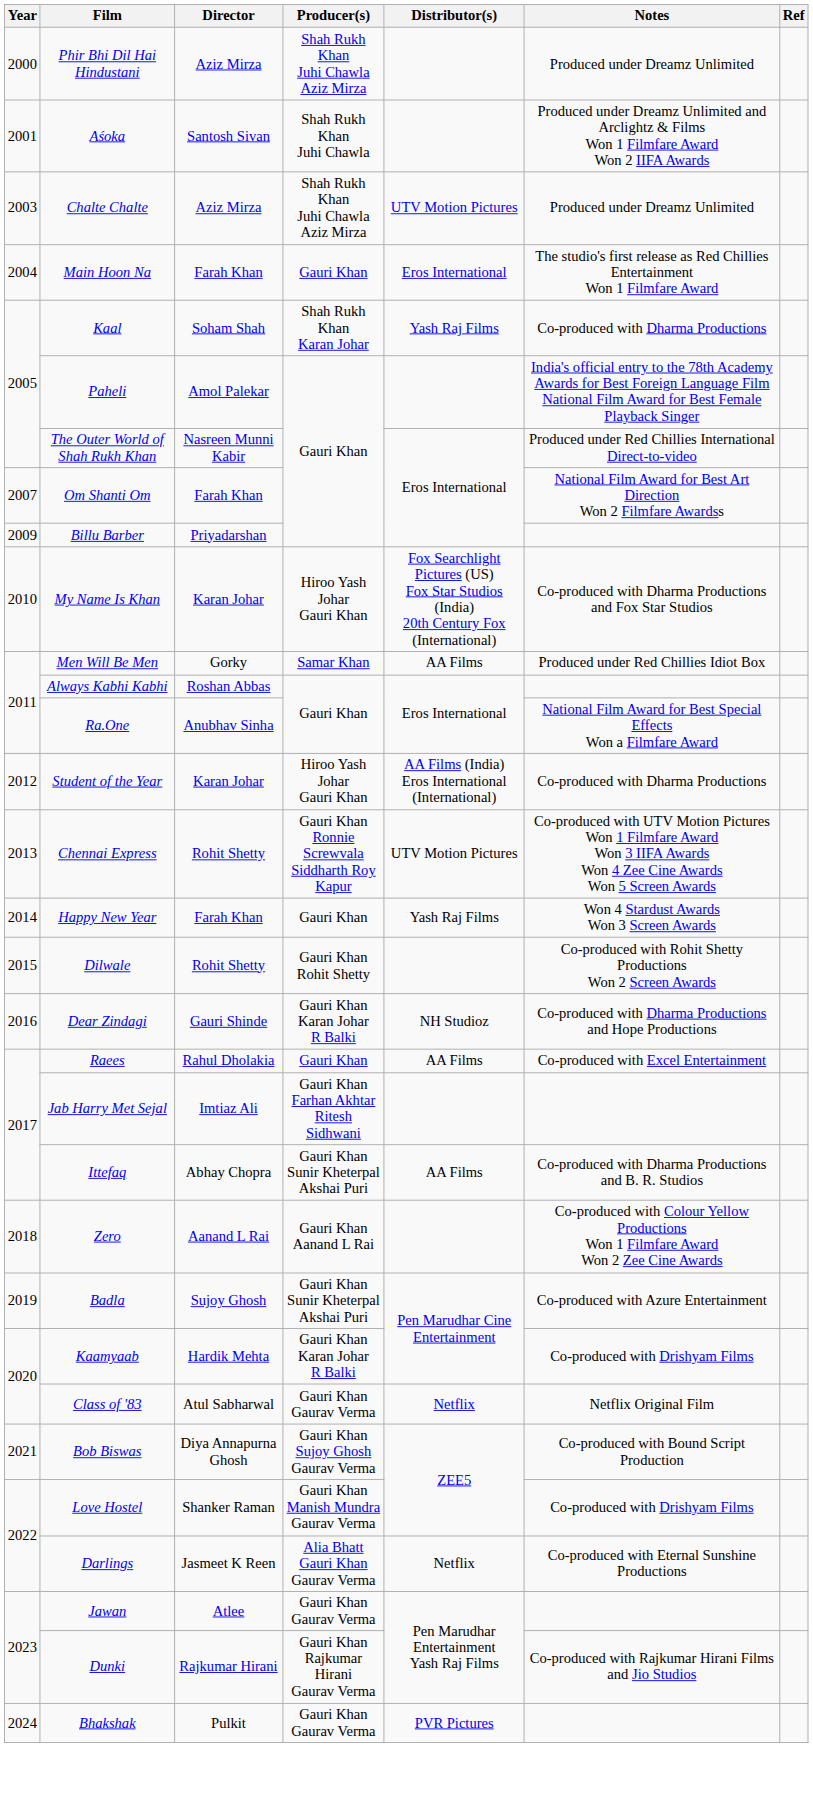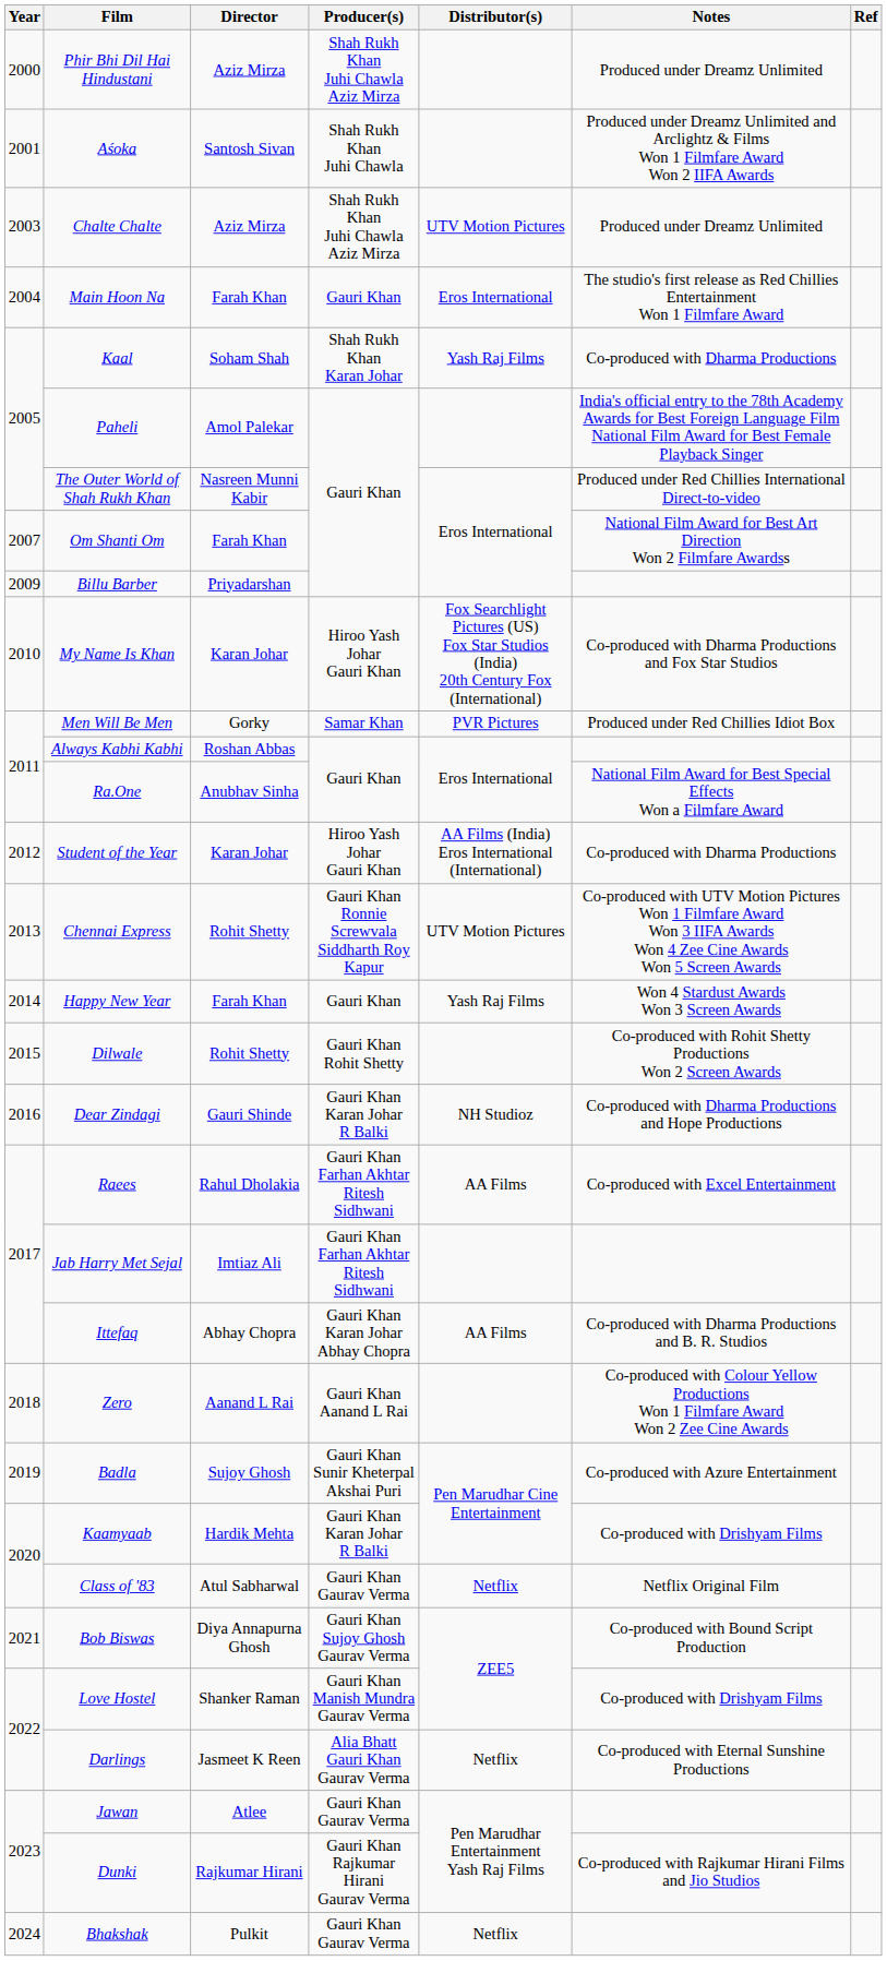 <table class="wikitable sortable" style="width: 100%; text-align: center;">
 <tr style="text-align:center;">
 <th>Year</th>
 <th>Film</th>
 <th>Director</th>
 <th>Producer(s)</th>
 <th>Distributor(s)</th>
 <th>Notes</th>
 <th>Ref</th>
 </tr>
 <tr>
 <td>2000</td>
 <td><em><a href='#'>Phir Bhi Dil Hai Hindustani</a></em></td>
 <td><a href='#'>Aziz Mirza</a></td>
 <td><a href='#'>Shah Rukh Khan</a><br><a href='#'>Juhi Chawla</a> <br> <a href='#'>Aziz Mirza</a></td>
 <td></td>
 <td>Produced under Dreamz Unlimited</td>
 <td></td>
 </tr>
 <tr>
 <td>2001</td>
 <td><em><a href='#'>Aśoka</a></em></td>
 <td><a href='#'>Santosh Sivan</a></td>
 <td>Shah Rukh Khan <br>Juhi Chawla</td>
 <td></td>
 <td>Produced under Dreamz Unlimited and Arclightz & Films<br>Won 1 <a href='#'>Filmfare Award</a><br>Won 2 <a href='#'>IIFA Awards</a></td>
 <td></td>
 </tr>
 <tr>
 <td>2003</td>
 <td><em><a href='#'>Chalte Chalte</a></em></td>
 <td><a href='#'>Aziz Mirza</a></td>
 <td>Shah Rukh Khan <br> Juhi Chawla <br> Aziz Mirza</td>
 <td><a href='#'>UTV Motion Pictures</a></td>
 <td>Produced under Dreamz Unlimited</td>
 <td></td>
 </tr>
 <tr>
 <td>2004</td>
 <td><em><a href='#'>Main Hoon Na</a></em></td>
 <td><a href='#'>Farah Khan</a></td>
 <td><a href='#'>Gauri Khan</a></td>
 <td><a href='#'>Eros International</a></td>
 <td>The studio's first release as Red Chillies Entertainment  <br>Won 1 <a href='#'>Filmfare Award</a></td>
 <td></td>
 </tr>
 <tr>
 <td rowspan="3">2005</td>
 <td><em><a href='#'>Kaal</a></em></td>
 <td><a href='#'>Soham Shah</a></td>
 <td>Shah Rukh Khan <br> <a href='#'>Karan Johar</a></td>
 <td><a href='#'>Yash Raj Films</a></td>
 <td>Co-produced with <a href='#'>Dharma Productions</a></td>
 <td></td>
 </tr>
 <tr>
 <td><em><a href='#'>Paheli</a></em></td>
 <td><a href='#'>Amol Palekar</a></td>
 <td rowspan="4">Gauri Khan</td>
 <td></td>
 <td><a href='#'>India's official entry to the 78th Academy Awards for Best Foreign Language Film</a> <br><a href='#'>National Film Award for Best Female Playback Singer</a></td>
 <td></td>
 </tr>
 <tr>
 <td><em><a href='#'>The Outer World of Shah Rukh Khan</a></em></td>
 <td><a href='#'>Nasreen Munni Kabir</a></td>
 <td rowspan="3">Eros International</td>
 <td>Produced under Red Chillies International <br><a href='#'>Direct-to-video</a></td>
 <td></td>
 </tr>
 <tr>
 <td>2007</td>
 <td><em><a href='#'>Om Shanti Om</a></em></td>
 <td><a href='#'>Farah Khan</a></td>
 <td><a href='#'>National Film Award for Best Art Direction</a> <br>Won 2 <a href='#'>Filmfare Awards</a>s</td>
 <td></td>
 </tr>
 <tr>
 <td>2009</td>
 <td><em><a href='#'>Billu Barber</a></em></td>
 <td><a href='#'>Priyadarshan</a></td>
 <td></td>
 <td></td>
 </tr>
 <tr>
 <td>2010</td>
 <td><em><a href='#'>My Name Is Khan</a></em></td>
 <td><a href='#'>Karan Johar</a></td>
 <td>Hiroo Yash Johar<br>Gauri Khan</td>
 <td><a href='#'>Fox Searchlight Pictures</a> (US)<br><a href='#'>Fox Star Studios</a> (India)<br><a href='#'>20th Century Fox</a> (International)</td>
 <td>Co-produced with Dharma Productions and Fox Star Studios</td>
 <td></td>
 </tr>
 <tr>
 <td rowspan="3">2011</td>
 <td><em><a href='#'>Men Will Be Men</a></em></td>
 <td>Gorky</td>
 <td><a href='#'>Samar Khan</a></td>
-<td>AA Films</td>
+<td><a href='#'>PVR Pictures</a></td>
 <td>Produced under Red Chillies Idiot Box</td>
 <td></td>
 </tr>
 <tr>
 <td><em><a href='#'>Always Kabhi Kabhi</a></em></td>
 <td><a href='#'>Roshan Abbas</a></td>
 <td rowspan="2">Gauri Khan</td>
 <td rowspan="2">Eros International</td>
 <td></td>
 <td></td>
 </tr>
 <tr>
 <td><em><a href='#'>Ra.One</a></em></td>
 <td><a href='#'>Anubhav Sinha</a></td>
 <td><a href='#'>National Film Award for Best Special Effects</a> <br>Won a <a href='#'>Filmfare Award</a></td>
 <td></td>
 </tr>
 <tr>
 <td>2012</td>
 <td><em><a href='#'>Student of the Year</a></em></td>
 <td><a href='#'>Karan Johar</a></td>
 <td>Hiroo Yash Johar <br> Gauri Khan</td>
 <td><a href='#'>AA Films</a> (India)<br>Eros International (International)</td>
 <td>Co-produced with Dharma Productions</td>
 <td></td>
 </tr>
 <tr>
 <td>2013</td>
 <td><em><a href='#'>Chennai Express</a></em></td>
 <td><a href='#'>Rohit Shetty</a></td>
 <td>Gauri Khan <br><a href='#'>Ronnie Screwvala</a> <br> <a href='#'>Siddharth Roy Kapur</a></td>
 <td>UTV Motion Pictures</td>
 <td>Co-produced with UTV Motion Pictures<br>Won <a href='#'>1 Filmfare Award</a><br>Won <a href='#'>3 IIFA Awards</a><br>Won <a href='#'>4 Zee Cine Awards</a><br>Won <a href='#'>5 Screen Awards</a></td>
 <td></td>
 </tr>
 <tr>
 <td>2014</td>
 <td><em><a href='#'>Happy New Year</a></em></td>
 <td><a href='#'>Farah Khan</a></td>
 <td>Gauri Khan</td>
 <td>Yash Raj Films</td>
 <td>Won 4 <a href='#'>Stardust Awards</a><br>Won 3 <a href='#'>Screen Awards</a></td>
 <td></td>
 </tr>
 <tr>
 <td>2015</td>
 <td><em><a href='#'>Dilwale</a></em></td>
 <td><a href='#'>Rohit Shetty</a></td>
 <td>Gauri Khan <br> Rohit Shetty</td>
 <td></td>
 <td>Co-produced with Rohit Shetty Productions  <br>Won 2 <a href='#'>Screen Awards</a></td>
 <td></td>
 </tr>
 <tr>
 <td>2016</td>
 <td><em><a href='#'>Dear Zindagi</a></em></td>
 <td><a href='#'>Gauri Shinde</a></td>
 <td>Gauri Khan <br> Karan Johar <br><a href='#'>R Balki</a></td>
 <td>NH Studioz</td>
 <td>Co-produced with <a href='#'>Dharma Productions</a> and Hope Productions</td>
 <td></td>
 </tr>
 <tr>
 <td rowspan="3">2017</td>
 <td><em><a href='#'>Raees</a></em></td>
 <td><a href='#'>Rahul Dholakia</a></td>
-<td><a href='#'>Gauri Khan</a></td>
+<td>Gauri Khan <br> <a href='#'>Farhan Akhtar</a> <br> <a href='#'>Ritesh Sidhwani</a></td>
 <td>AA Films</td>
 <td>Co-produced with <a href='#'>Excel Entertainment</a></td>
 <td></td>
 </tr>
 <tr>
 <td><em><a href='#'>Jab Harry Met Sejal</a></em></td>
 <td><a href='#'>Imtiaz Ali</a></td>
 <td>Gauri Khan <br> <a href='#'>Farhan Akhtar</a> <br> <a href='#'>Ritesh Sidhwani</a></td>
 <td></td>
 <td></td>
 <td></td>
 </tr>
 <tr>
 <td><em><a href='#'>Ittefaq</a></em></td>
 <td>Abhay Chopra</td>
-<td>Gauri Khan <br> Sunir Kheterpal <br> Akshai Puri</td>
+<td>Gauri Khan <br> Karan Johar <br> Abhay Chopra</td>
 <td>AA Films</td>
 <td>Co-produced with Dharma Productions and B. R. Studios</td>
 <td></td>
 </tr>
 <tr>
 <td>2018</td>
 <td><em><a href='#'>Zero</a></em></td>
 <td><a href='#'>Aanand L Rai</a></td>
 <td>Gauri Khan <br> Aanand L Rai</td>
 <td></td>
 <td>Co-produced with <a href='#'>Colour Yellow Productions</a> <br>Won 1 <a href='#'>Filmfare Award</a> <br>Won 2 <a href='#'>Zee Cine Awards</a></td>
 <td></td>
 </tr>
 <tr>
 <td>2019</td>
 <td><em><a href='#'>Badla</a></em></td>
 <td><a href='#'>Sujoy Ghosh</a></td>
 <td>Gauri Khan <br> Sunir Kheterpal <br> Akshai Puri</td>
 <td rowspan="2"><a href='#'>Pen Marudhar Cine Entertainment</a></td>
 <td>Co-produced with Azure Entertainment</td>
 <td></td>
 </tr>
 <tr>
 <td rowspan="2">2020</td>
 <td><em><a href='#'>Kaamyaab</a></em></td>
 <td><a href='#'>Hardik Mehta</a></td>
 <td>Gauri Khan <br> Karan Johar <br><a href='#'>R Balki</a></td>
 <td>Co-produced with <a href='#'>Drishyam Films</a></td>
 <td></td>
 </tr>
 <tr>
 <td><em><a href='#'>Class of '83</a></em></td>
 <td>Atul Sabharwal</td>
 <td>Gauri Khan <br>Gaurav Verma</td>
 <td><a href='#'>Netflix</a></td>
 <td>Netflix Original Film</td>
 <td></td>
 </tr>
 <tr>
 <td>2021</td>
 <td><em><a href='#'>Bob Biswas</a></em></td>
 <td>Diya Annapurna Ghosh</td>
 <td>Gauri Khan <br> <a href='#'>Sujoy Ghosh</a> <br> Gaurav Verma</td>
 <td rowspan="2"><a href='#'>ZEE5</a></td>
 <td>Co-produced with Bound Script Production</td>
 <td></td>
 </tr>
 <tr>
 <td rowspan="2”">2022</td>
 <td><em><a href='#'>Love Hostel</a></em></td>
 <td>Shanker Raman</td>
 <td>Gauri Khan <br> <a href='#'>Manish Mundra</a> <br> Gaurav Verma</td>
 <td>Co-produced with <a href='#'>Drishyam Films</a></td>
 <td></td>
 </tr>
 <tr>
 <td><em><a href='#'>Darlings</a></em></td>
 <td>Jasmeet K Reen</td>
 <td><a href='#'>Alia Bhatt</a> <br> <a href='#'>Gauri Khan</a> <br> Gaurav Verma</td>
 <td>Netflix</td>
 <td>Co-produced with Eternal Sunshine Productions</td>
 <td></td>
 </tr>
 <tr>
 <td rowspan="2">2023</td>
 <td><em><a href='#'>Jawan</a></em></td>
 <td><a href='#'>Atlee</a></td>
 <td>Gauri Khan <br> Gaurav Verma</td>
 <td rowspan="2">Pen Marudhar Entertainment<br>Yash Raj Films</td>
 <td></td>
 <td></td>
 </tr>
 <tr>
 <td><em><a href='#'>Dunki</a></em></td>
 <td><a href='#'>Rajkumar Hirani</a></td>
 <td>Gauri Khan <br> Rajkumar Hirani <br> Gaurav Verma</td>
 <td>Co-produced with Rajkumar Hirani Films and <a href='#'>Jio Studios</a></td>
 <td></td>
 </tr>
 <tr>
 <td>2024</td>
 <td><em><a href='#'>Bhakshak</a></em></td>
 <td>Pulkit</td>
 <td>Gauri Khan <br> Gaurav Verma</td>
-<td><a href='#'>PVR Pictures</a></td>
+<td>Netflix</td>
 <td></td>
 <td></td>
 </tr>
 </table>
